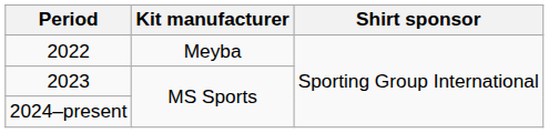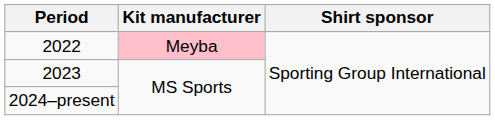 <table class="wikitable" style="text-align:center;margin-left:1em;float:center">
 <tr>
 <th>Period</th>
 <th>Kit manufacturer</th>
 <th>Shirt sponsor</th>
 </tr>
 <tr>
 <td>2022</td>
-<td>Meyba</td>
+<td style="background: pink;">Meyba</td>
 <td rowspan="3">Sporting Group International</td>
 </tr>
 <tr>
 <td>2023</td>
 <td rowspan="2">MS Sports</td>
 </tr>
 <tr>
 <td>2024–present</td>
 </tr>
 </table>
